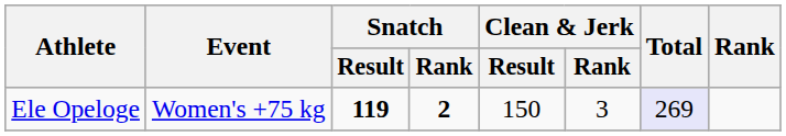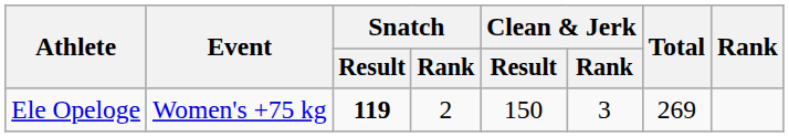 <table class="wikitable" style="font-size:90%">
 <tr>
 <th rowspan="2">Athlete</th>
 <th rowspan="2">Event</th>
 <th colspan="2">Snatch</th>
 <th colspan="2">Clean & Jerk</th>
 <th rowspan="2">Total</th>
 <th rowspan="2">Rank</th>
 </tr>
 <tr style="font-size:95%">
 <th>Result</th>
 <th>Rank</th>
 <th>Result</th>
 <th>Rank</th>
 </tr>
 <tr align=center>
 <td align=left><a href='#'>Ele Opeloge</a></td>
 <td align=left><a href='#'>Women's +75 kg</a></td>
 <td><strong>119</strong></td>
-<td><strong>2</strong></td>
+<td>2</td>
 <td>150</td>
 <td>3</td>
-<td style="background: lavender;">269</td>
+<td>269</td>
 <td></td>
 </tr>
 </table>
